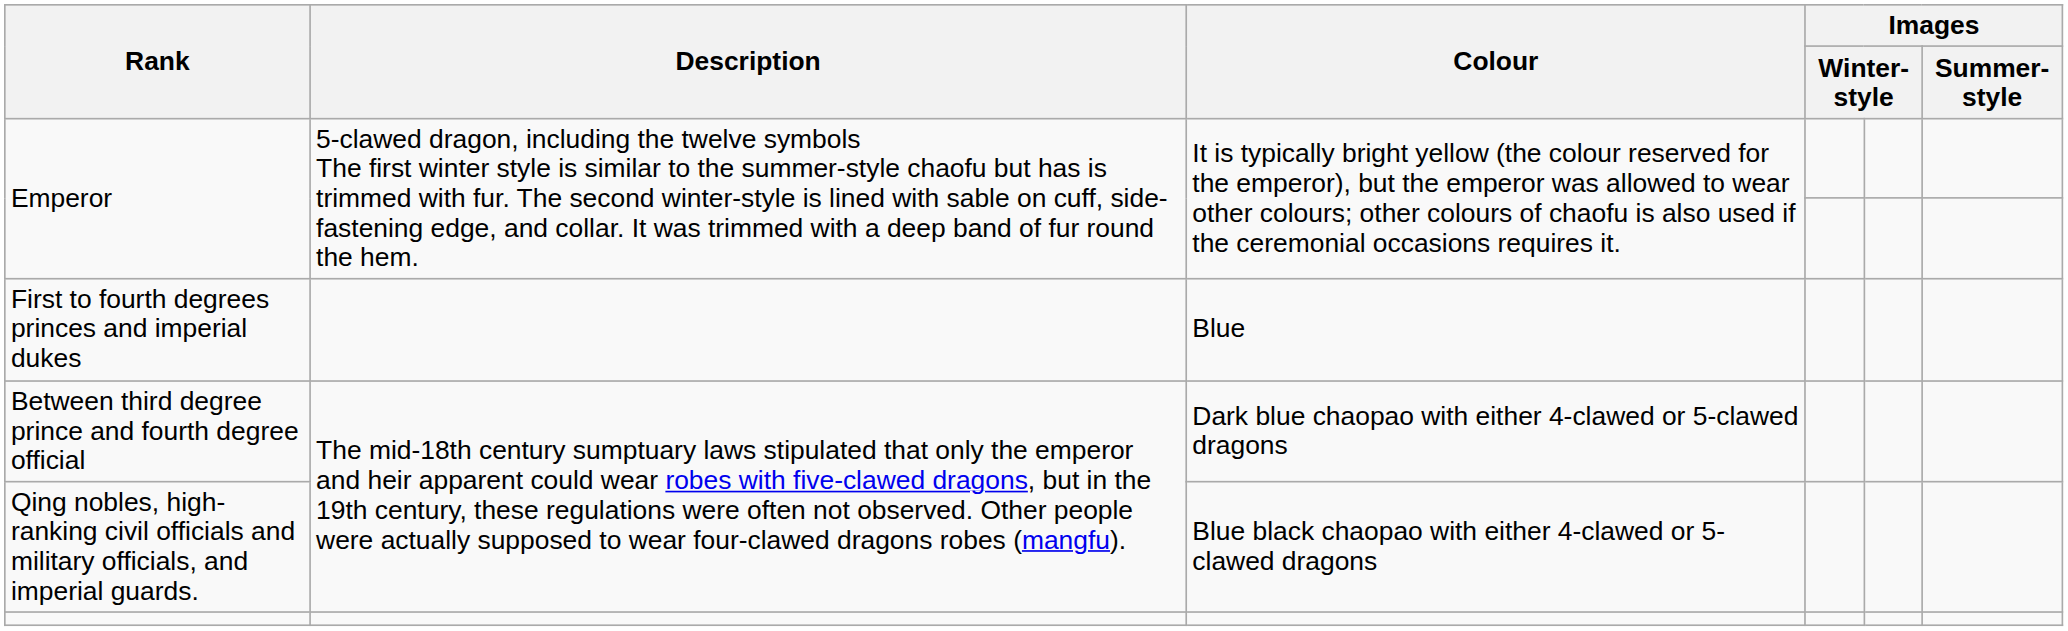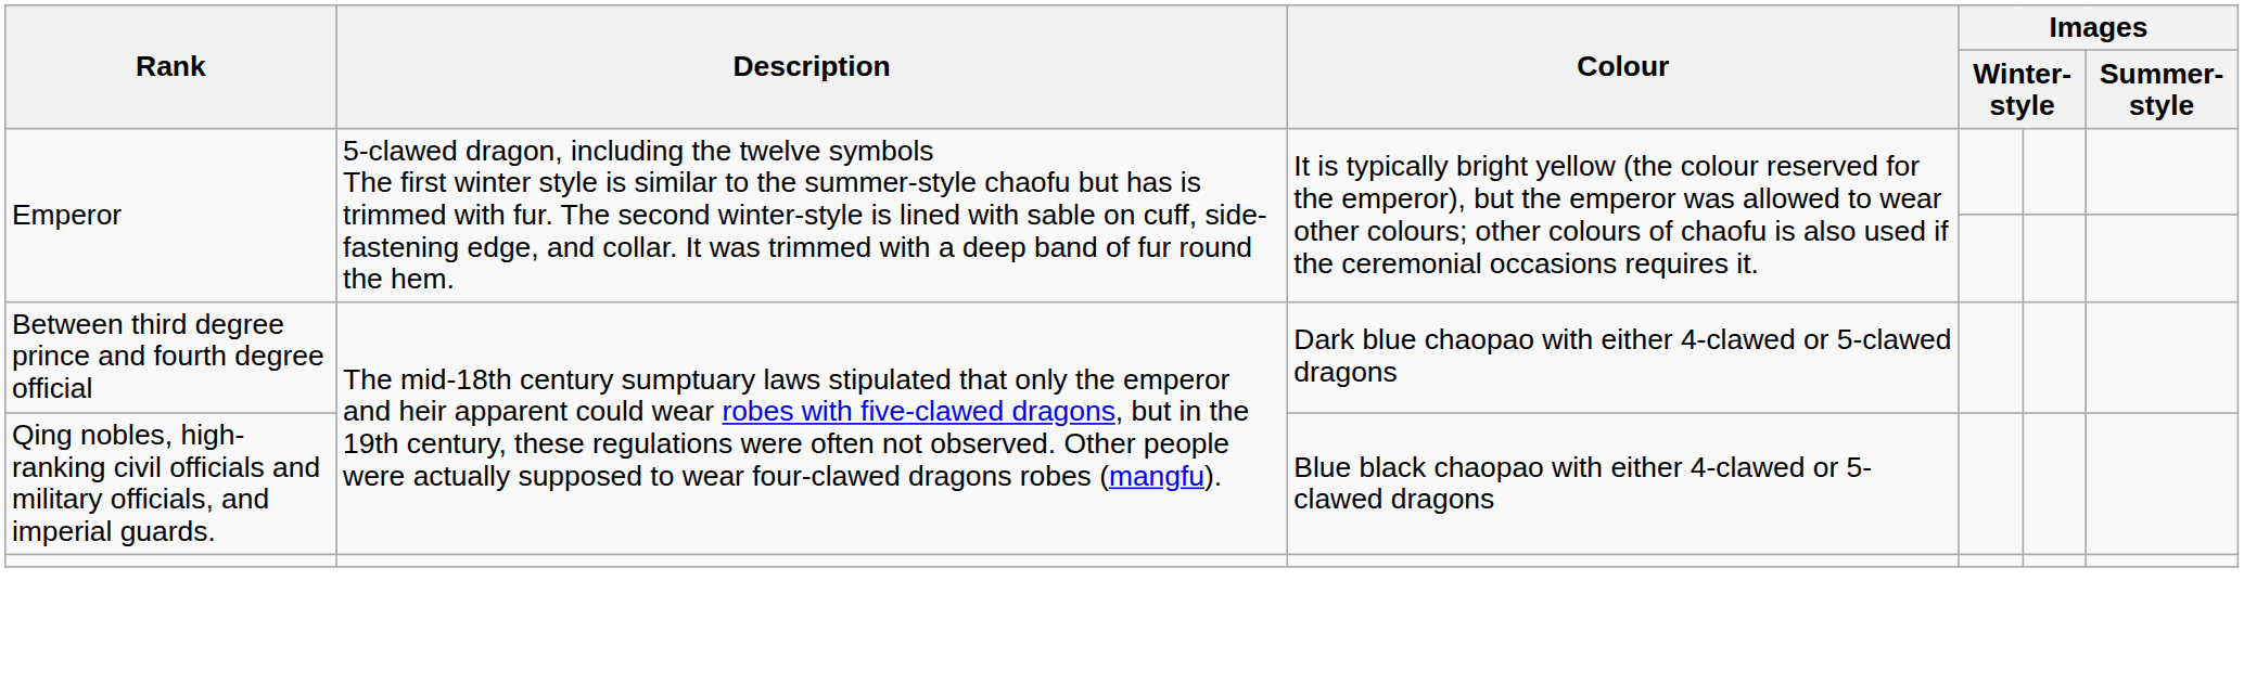 <table class="wikitable">
 <tr>
 <th rowspan="2">Rank</th>
 <th rowspan="2">Description</th>
 <th rowspan="2">Colour</th>
 <th colspan="3">Images</th>
 </tr>
 <tr>
 <th colspan="2">Winter-style</th>
 <th>Summer-style</th>
 </tr>
 <tr>
 <td rowspan="2">Emperor</td>
 <td rowspan="2">5-clawed dragon, including the twelve symbols<br>The first winter style is similar to the summer-style chaofu but has is trimmed with fur. The second winter-style is lined with sable on cuff, side-fastening edge, and collar. It was trimmed with a deep band of fur round the hem.</td>
 <td rowspan="2">It is typically bright yellow (the colour reserved for the emperor), but the emperor was allowed to wear other colours; other colours of chaofu is also used if the ceremonial occasions requires it.</td>
 <td></td>
 <td></td>
 <td></td>
 </tr>
 <tr>
-<td></td>
-<td></td>
-<td></td>
-</tr>
-<tr>
-<td>First to fourth degrees princes and imperial dukes</td>
-<td></td>
-<td>Blue</td>
 <td></td>
 <td></td>
 <td></td>
 </tr>
 <tr>
 <td>Between third degree prince and fourth degree official</td>
 <td rowspan="2">The mid-18th century sumptuary laws stipulated that only the emperor and heir apparent could wear <a href='#'>robes with five-clawed dragons</a>, but in the 19th century, these regulations were often not observed. Other people were actually supposed to wear four-clawed dragons robes (<a href='#'>mangfu</a>).</td>
 <td>Dark blue chaopao with either 4-clawed or 5-clawed dragons</td>
 <td></td>
 <td></td>
 <td></td>
 </tr>
 <tr>
 <td>Qing nobles, high-ranking civil officials and military officials, and imperial guards.</td>
 <td>Blue black chaopao with either 4-clawed or 5-clawed dragons</td>
 <td></td>
 <td></td>
 <td></td>
 </tr>
 <tr>
 <td></td>
 <td></td>
 <td></td>
 <td></td>
 <td></td>
 <td></td>
 </tr>
 </table>
